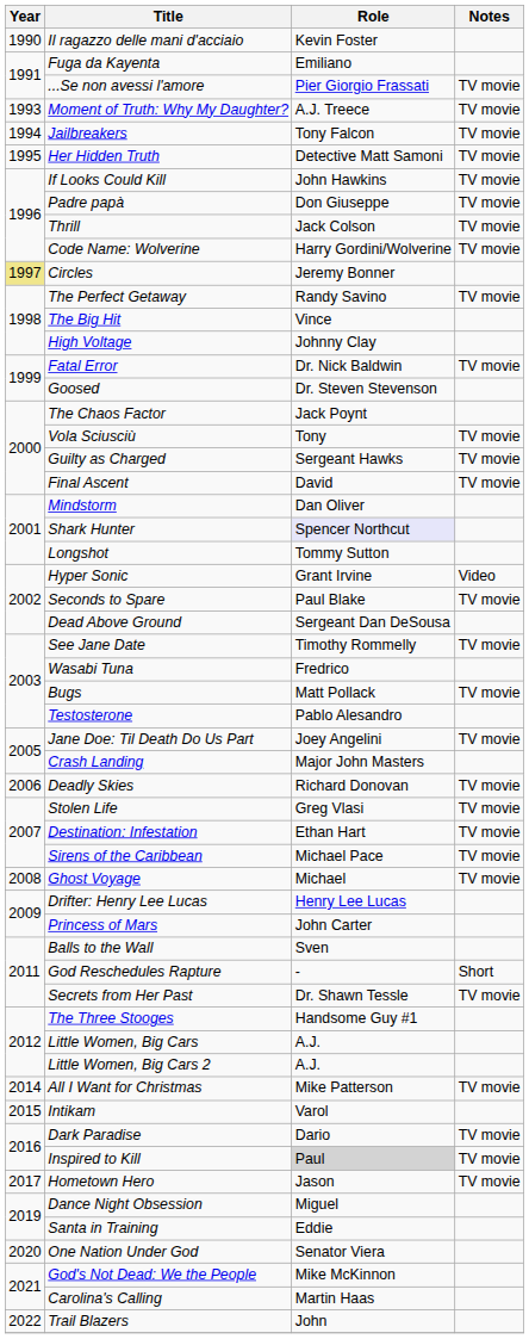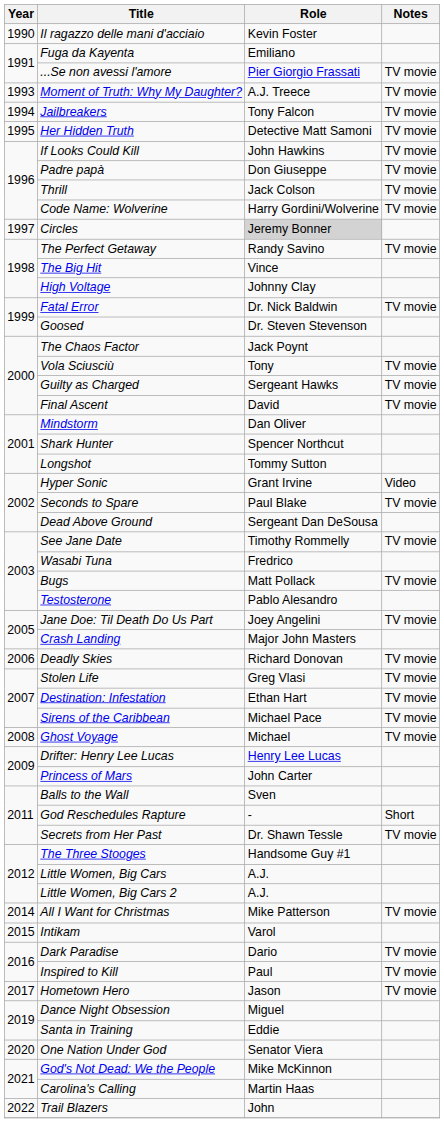 <table class="wikitable sortable">
 <tr>
 <th>Year</th>
 <th>Title</th>
 <th>Role</th>
 <th>Notes</th>
 </tr>
 <tr>
 <td>1990</td>
 <td><em>Il ragazzo delle mani d'acciaio</em></td>
 <td>Kevin Foster</td>
 <td></td>
 </tr>
 <tr>
 <td rowspan="2">1991</td>
 <td><em>Fuga da Kayenta</em></td>
 <td>Emiliano</td>
 <td></td>
 </tr>
 <tr>
 <td><em>...Se non avessi l'amore</em></td>
 <td><a href='#'>Pier Giorgio Frassati</a></td>
 <td>TV movie</td>
 </tr>
 <tr>
 <td>1993</td>
 <td><em><a href='#'>Moment of Truth: Why My Daughter?</a></em></td>
 <td>A.J. Treece</td>
 <td>TV movie</td>
 </tr>
 <tr>
 <td>1994</td>
 <td><em><a href='#'>Jailbreakers</a></em></td>
 <td>Tony Falcon</td>
 <td>TV movie</td>
 </tr>
 <tr>
 <td>1995</td>
 <td><em><a href='#'>Her Hidden Truth</a></em></td>
 <td>Detective Matt Samoni</td>
 <td>TV movie</td>
 </tr>
 <tr>
 <td rowspan="4">1996</td>
 <td><em>If Looks Could Kill</em></td>
 <td>John Hawkins</td>
 <td>TV movie</td>
 </tr>
 <tr>
 <td><em>Padre papà</em></td>
 <td>Don Giuseppe</td>
 <td>TV movie</td>
 </tr>
 <tr>
 <td><em>Thrill</em></td>
 <td>Jack Colson</td>
 <td>TV movie</td>
 </tr>
 <tr>
 <td><em>Code Name: Wolverine</em></td>
 <td>Harry Gordini/Wolverine</td>
 <td>TV movie</td>
 </tr>
 <tr>
-<td style="background: khaki;">1997</td>
+<td>1997</td>
 <td><em>Circles</em></td>
-<td>Jeremy Bonner</td>
+<td style="background: lightgrey;">Jeremy Bonner</td>
 <td></td>
 </tr>
 <tr>
 <td rowspan="3">1998</td>
 <td><em>The Perfect Getaway</em></td>
 <td>Randy Savino</td>
 <td>TV movie</td>
 </tr>
 <tr>
 <td><em><a href='#'>The Big Hit</a></em></td>
 <td>Vince</td>
 <td></td>
 </tr>
 <tr>
 <td><em><a href='#'>High Voltage</a></em></td>
 <td>Johnny Clay</td>
 <td></td>
 </tr>
 <tr>
 <td rowspan="2">1999</td>
 <td><em><a href='#'>Fatal Error</a></em></td>
 <td>Dr. Nick Baldwin</td>
 <td>TV movie</td>
 </tr>
 <tr>
 <td><em>Goosed</em></td>
 <td>Dr. Steven Stevenson</td>
 <td></td>
 </tr>
 <tr>
 <td rowspan="4">2000</td>
 <td><em>The Chaos Factor</em></td>
 <td>Jack Poynt</td>
 <td></td>
 </tr>
 <tr>
 <td><em>Vola Sciusciù</em></td>
 <td>Tony</td>
 <td>TV movie</td>
 </tr>
 <tr>
 <td><em>Guilty as Charged</em></td>
 <td>Sergeant Hawks</td>
 <td>TV movie</td>
 </tr>
 <tr>
 <td><em>Final Ascent</em></td>
 <td>David</td>
 <td>TV movie</td>
 </tr>
 <tr>
 <td rowspan="3">2001</td>
 <td><em><a href='#'>Mindstorm</a></em></td>
 <td>Dan Oliver</td>
 <td></td>
 </tr>
 <tr>
 <td><em>Shark Hunter</em></td>
-<td style="background: lavender;">Spencer Northcut</td>
+<td>Spencer Northcut</td>
 <td></td>
 </tr>
 <tr>
 <td><em>Longshot</em></td>
 <td>Tommy Sutton</td>
 <td></td>
 </tr>
 <tr>
 <td rowspan="3">2002</td>
 <td><em>Hyper Sonic</em></td>
 <td>Grant Irvine</td>
 <td>Video</td>
 </tr>
 <tr>
 <td><em>Seconds to Spare</em></td>
 <td>Paul Blake</td>
 <td>TV movie</td>
 </tr>
 <tr>
 <td><em>Dead Above Ground</em></td>
 <td>Sergeant Dan DeSousa</td>
 <td></td>
 </tr>
 <tr>
 <td rowspan="4">2003</td>
 <td><em>See Jane Date</em></td>
 <td>Timothy Rommelly</td>
 <td>TV movie</td>
 </tr>
 <tr>
 <td><em>Wasabi Tuna</em></td>
 <td>Fredrico</td>
 <td></td>
 </tr>
 <tr>
 <td><em>Bugs</em></td>
 <td>Matt Pollack</td>
 <td>TV movie</td>
 </tr>
 <tr>
 <td><em><a href='#'>Testosterone</a></em></td>
 <td>Pablo Alesandro</td>
 <td></td>
 </tr>
 <tr>
 <td rowspan="2">2005</td>
 <td><em>Jane Doe: Til Death Do Us Part</em></td>
 <td>Joey Angelini</td>
 <td>TV movie</td>
 </tr>
 <tr>
 <td><em><a href='#'>Crash Landing</a></em></td>
 <td>Major John Masters</td>
 <td></td>
 </tr>
 <tr>
 <td>2006</td>
 <td><em>Deadly Skies</em></td>
 <td>Richard Donovan</td>
 <td>TV movie</td>
 </tr>
 <tr>
 <td rowspan="3">2007</td>
 <td><em>Stolen Life</em></td>
 <td>Greg Vlasi</td>
 <td>TV movie</td>
 </tr>
 <tr>
 <td><em><a href='#'>Destination: Infestation</a></em></td>
 <td>Ethan Hart</td>
 <td>TV movie</td>
 </tr>
 <tr>
 <td><em><a href='#'>Sirens of the Caribbean</a></em></td>
 <td>Michael Pace</td>
 <td>TV movie</td>
 </tr>
 <tr>
 <td>2008</td>
 <td><em><a href='#'>Ghost Voyage</a></em></td>
 <td>Michael</td>
 <td>TV movie</td>
 </tr>
 <tr>
 <td rowspan="2">2009</td>
 <td><em>Drifter: Henry Lee Lucas</em></td>
 <td><a href='#'>Henry Lee Lucas</a></td>
 <td></td>
 </tr>
 <tr>
 <td><em><a href='#'>Princess of Mars</a></em></td>
 <td>John Carter</td>
 <td></td>
 </tr>
 <tr>
 <td rowspan="3">2011</td>
 <td><em>Balls to the Wall</em></td>
 <td>Sven</td>
 <td></td>
 </tr>
 <tr>
 <td><em>God Reschedules Rapture</em></td>
 <td>-</td>
 <td>Short</td>
 </tr>
 <tr>
 <td><em>Secrets from Her Past</em></td>
 <td>Dr. Shawn Tessle</td>
 <td>TV movie</td>
 </tr>
 <tr>
 <td rowspan="3">2012</td>
 <td><em><a href='#'>The Three Stooges</a></em></td>
 <td>Handsome Guy #1</td>
 <td></td>
 </tr>
 <tr>
 <td><em>Little Women, Big Cars</em></td>
 <td>A.J.</td>
 <td></td>
 </tr>
 <tr>
 <td><em>Little Women, Big Cars 2</em></td>
 <td>A.J.</td>
 <td></td>
 </tr>
 <tr>
 <td>2014</td>
 <td><em>All I Want for Christmas</em></td>
 <td>Mike Patterson</td>
 <td>TV movie</td>
 </tr>
 <tr>
 <td>2015</td>
 <td><em>Intikam</em></td>
 <td>Varol</td>
 <td></td>
 </tr>
 <tr>
 <td rowspan="2">2016</td>
 <td><em>Dark Paradise</em></td>
 <td>Dario</td>
 <td>TV movie</td>
 </tr>
 <tr>
 <td><em>Inspired to Kill</em></td>
-<td style="background: lightgrey;">Paul</td>
+<td>Paul</td>
 <td>TV movie</td>
 </tr>
 <tr>
 <td>2017</td>
 <td><em>Hometown Hero</em></td>
 <td>Jason</td>
 <td>TV movie</td>
 </tr>
 <tr>
 <td rowspan="2">2019</td>
 <td><em>Dance Night Obsession</em></td>
 <td>Miguel</td>
 <td></td>
 </tr>
 <tr>
 <td><em>Santa in Training</em></td>
 <td>Eddie</td>
 <td></td>
 </tr>
 <tr>
 <td>2020</td>
 <td><em>One Nation Under God</em></td>
 <td>Senator Viera</td>
 <td></td>
 </tr>
 <tr>
 <td rowspan="2">2021</td>
 <td><em><a href='#'>God's Not Dead: We the People</a></em></td>
 <td>Mike McKinnon</td>
 <td></td>
 </tr>
 <tr>
 <td><em>Carolina's Calling</em></td>
 <td>Martin Haas</td>
 <td></td>
 </tr>
 <tr>
 <td>2022</td>
 <td><em>Trail Blazers</em></td>
 <td>John</td>
 <td></td>
 </tr>
 <tr>
 </tr>
 </table>
